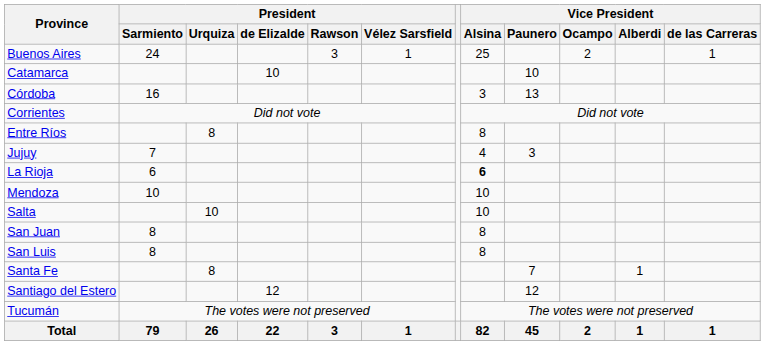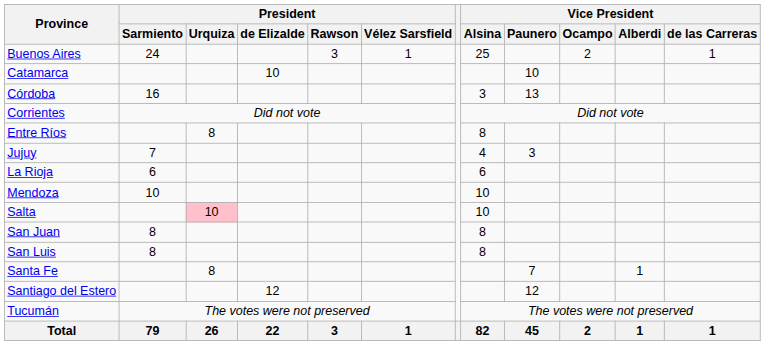 <table class="wikitable" style="text-align:center;">
 <tr>
 <th rowspan=2>Province</th>
 <th colspan=5>President</th>
 <th rowspan=2></th>
 <th colspan=5>Vice President</th>
 </tr>
 <tr>
 <th>Sarmiento</th>
 <th>Urquiza</th>
 <th>de Elizalde</th>
 <th>Rawson</th>
 <th>Vélez Sarsfield</th>
 <th>Alsina</th>
 <th>Paunero</th>
 <th>Ocampo</th>
 <th>Alberdi</th>
 <th>de las Carreras</th>
 </tr>
 <tr>
 <td align="left"><a href='#'>Buenos Aires</a></td>
 <td>24</td>
 <td></td>
 <td></td>
 <td>3</td>
 <td>1</td>
 <td rowspan=14></td>
 <td>25</td>
 <td></td>
 <td>2</td>
 <td></td>
 <td>1</td>
 </tr>
 <tr>
 <td align="left"><a href='#'>Catamarca</a></td>
 <td></td>
 <td></td>
 <td>10</td>
 <td></td>
 <td></td>
 <td></td>
 <td>10</td>
 <td></td>
 <td></td>
 <td></td>
 </tr>
 <tr>
 <td align="left"><a href='#'>Córdoba</a></td>
 <td>16</td>
 <td></td>
 <td></td>
 <td></td>
 <td></td>
 <td>3</td>
 <td>13</td>
 <td></td>
 <td></td>
 <td></td>
 </tr>
 <tr>
 <td align="left"><a href='#'>Corrientes</a></td>
 <td colspan=5><em>Did not vote</em></td>
 <td colspan=5><em>Did not vote</em></td>
 </tr>
 <tr>
 <td align="left"><a href='#'>Entre Ríos</a></td>
 <td></td>
 <td>8</td>
 <td></td>
 <td></td>
 <td></td>
 <td>8</td>
 <td></td>
 <td></td>
 <td></td>
 <td></td>
 </tr>
 <tr>
 <td align="left"><a href='#'>Jujuy</a></td>
 <td>7</td>
 <td></td>
 <td></td>
 <td></td>
 <td></td>
 <td>4</td>
 <td>3</td>
 <td></td>
 <td></td>
 <td></td>
 </tr>
 <tr>
 <td align="left"><a href='#'>La Rioja</a></td>
 <td>6</td>
 <td></td>
 <td></td>
 <td></td>
 <td></td>
-<td><strong>6</strong></td>
+<td>6</td>
 <td></td>
 <td></td>
 <td></td>
 <td></td>
 </tr>
 <tr>
 <td align="left"><a href='#'>Mendoza</a></td>
 <td>10</td>
 <td></td>
 <td></td>
 <td></td>
 <td></td>
 <td>10</td>
 <td></td>
 <td></td>
 <td></td>
 <td></td>
 </tr>
 <tr>
 <td align="left"><a href='#'>Salta</a></td>
 <td></td>
-<td>10</td>
+<td style="background: pink;">10</td>
 <td></td>
 <td></td>
 <td></td>
 <td>10</td>
 <td></td>
 <td></td>
 <td></td>
 <td></td>
 </tr>
 <tr>
 <td align="left"><a href='#'>San Juan</a></td>
 <td>8</td>
 <td></td>
 <td></td>
 <td></td>
 <td></td>
 <td>8</td>
 <td></td>
 <td></td>
 <td></td>
 <td></td>
 </tr>
 <tr>
 <td align="left"><a href='#'>San Luis</a></td>
 <td>8</td>
 <td></td>
 <td></td>
 <td></td>
 <td></td>
 <td>8</td>
 <td></td>
 <td></td>
 <td></td>
 <td></td>
 </tr>
 <tr>
 <td align="left"><a href='#'>Santa Fe</a></td>
 <td></td>
 <td>8</td>
 <td></td>
 <td></td>
 <td></td>
 <td></td>
 <td>7</td>
 <td></td>
 <td>1</td>
 <td></td>
 </tr>
 <tr>
 <td align="left"><a href='#'>Santiago del Estero</a></td>
 <td></td>
 <td></td>
 <td>12</td>
 <td></td>
 <td></td>
 <td></td>
 <td>12</td>
 <td></td>
 <td></td>
 <td></td>
 </tr>
 <tr>
 <td align="left"><a href='#'>Tucumán</a></td>
 <td colspan=5><em>The votes were not preserved</em></td>
 <td colspan=5><em>The votes were not preserved</em></td>
 </tr>
 <tr>
 <th>Total</th>
 <th>79</th>
 <th>26</th>
 <th>22</th>
 <th>3</th>
 <th>1</th>
 <th></th>
 <th>82</th>
 <th>45</th>
 <th>2</th>
 <th>1</th>
 <th>1</th>
 </tr>
 </table>
